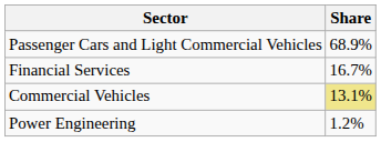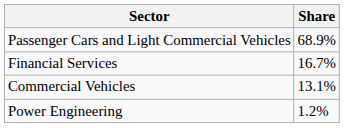 <table class="wikitable floatright">
 <tr>
 <th>Sector</th>
 <th>Share</th>
 </tr>
 <tr>
 <td>Passenger Cars and Light Commercial Vehicles</td>
 <td>68.9%</td>
 </tr>
 <tr>
 <td>Financial Services</td>
 <td>16.7%</td>
 </tr>
 <tr>
 <td>Commercial Vehicles</td>
-<td style="background: khaki;">13.1%</td>
+<td>13.1%</td>
 </tr>
 <tr>
 <td>Power Engineering</td>
 <td>1.2%</td>
 </tr>
 </table>
